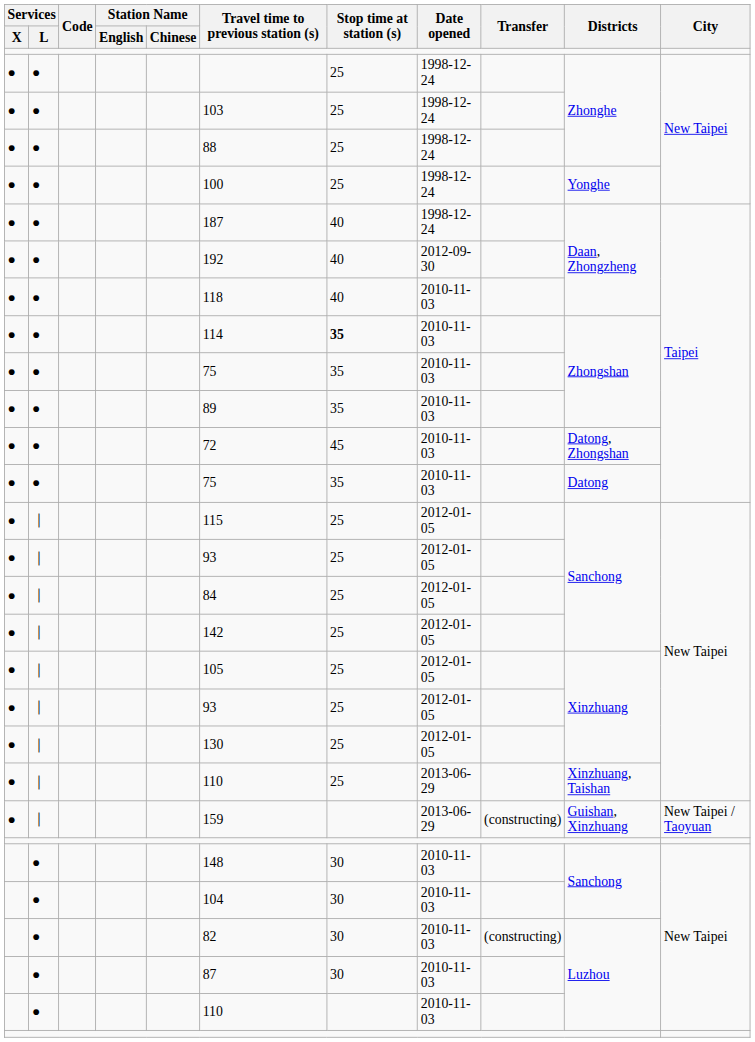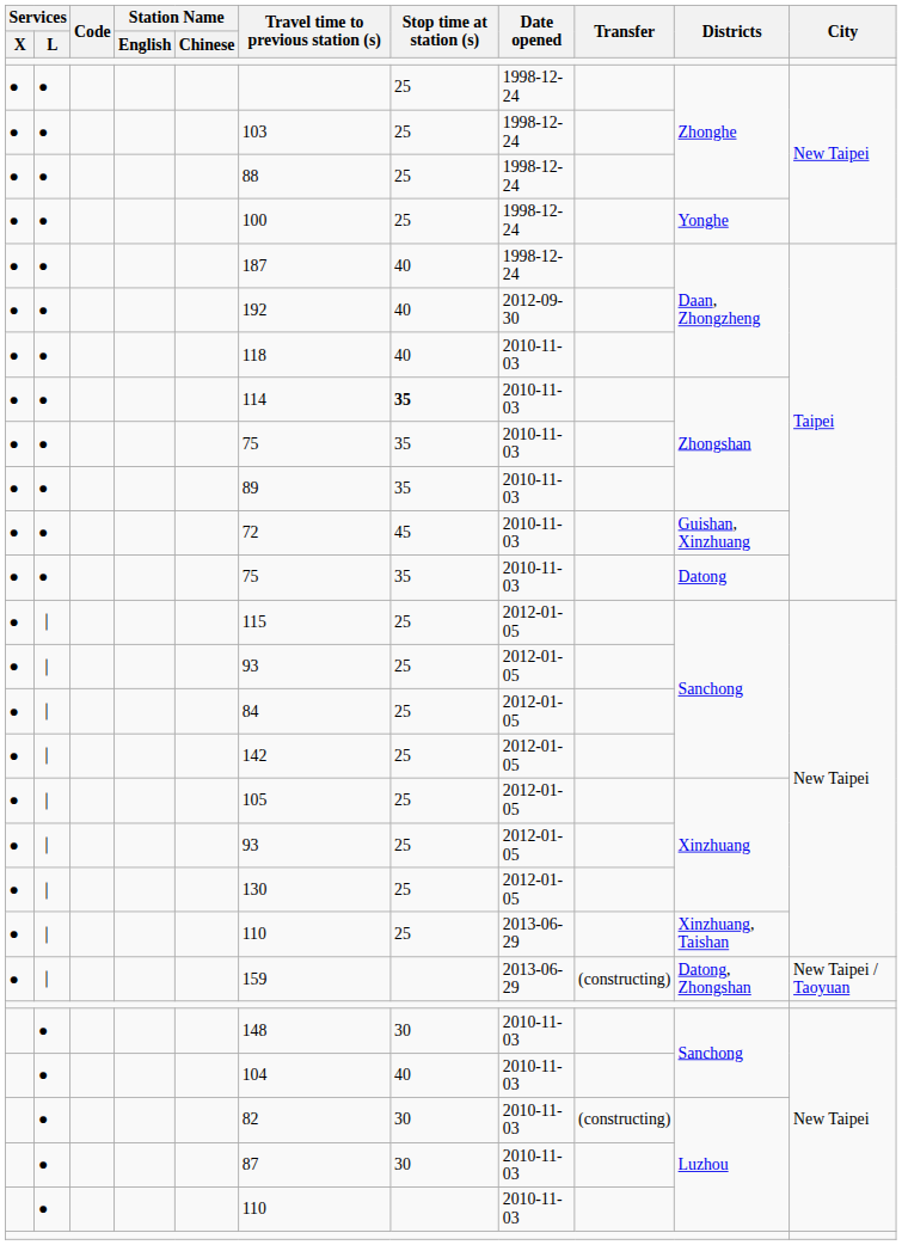 <table class="wikitable sortable">
 <tr>
 <th colspan="2">Services</th>
 <th rowspan="2">Code</th>
 <th colspan="2">Station Name</th>
 <th rowspan="2">Travel time to previous station (s)</th>
 <th rowspan="2">Stop time at station (s)</th>
 <th rowspan="2">Date opened</th>
 <th rowspan="2">Transfer</th>
 <th rowspan="2">Districts</th>
 <th rowspan="2">City</th>
 </tr>
 <tr>
 <th>X</th>
 <th>L</th>
 <th>English</th>
 <th>Chinese</th>
 </tr>
 <tr>
 <td colspan="10"></td>
 </tr>
 <tr>
 <td>●</td>
 <td>●</td>
 <td></td>
 <td></td>
 <td></td>
 <td></td>
 <td>25</td>
 <td>1998-12-24</td>
 <td></td>
 <td rowspan="3"><a href='#'>Zhonghe</a></td>
 <td rowspan="4"><a href='#'>New Taipei</a></td>
 </tr>
 <tr>
 <td>●</td>
 <td>●</td>
 <td></td>
 <td></td>
 <td></td>
 <td>103</td>
 <td>25</td>
 <td>1998-12-24</td>
 <td></td>
 </tr>
 <tr>
 <td>●</td>
 <td>●</td>
 <td></td>
 <td></td>
 <td></td>
 <td>88</td>
 <td>25</td>
 <td>1998-12-24</td>
 <td></td>
 </tr>
 <tr>
 <td>●</td>
 <td>●</td>
 <td></td>
 <td></td>
 <td></td>
 <td>100</td>
 <td>25</td>
 <td>1998-12-24</td>
 <td></td>
 <td><a href='#'>Yonghe</a></td>
 </tr>
 <tr>
 <td>●</td>
 <td>●</td>
 <td></td>
 <td></td>
 <td></td>
 <td>187</td>
 <td>40</td>
 <td>1998-12-24</td>
 <td></td>
 <td rowspan="3"><a href='#'>Daan</a>, <a href='#'>Zhongzheng</a></td>
 <td rowspan="8"><a href='#'>Taipei</a></td>
 </tr>
 <tr>
 <td>●</td>
 <td>●</td>
 <td></td>
 <td></td>
 <td></td>
 <td>192</td>
 <td>40</td>
 <td>2012-09-30</td>
 <td></td>
 </tr>
 <tr>
 <td>●</td>
 <td>●</td>
 <td></td>
 <td></td>
 <td></td>
 <td>118</td>
 <td>40</td>
 <td>2010-11-03</td>
 <td></td>
 </tr>
 <tr>
 <td>●</td>
 <td>●</td>
 <td></td>
 <td></td>
 <td></td>
 <td>114</td>
 <td><strong>35</strong></td>
 <td>2010-11-03</td>
 <td></td>
 <td rowspan="3"><a href='#'>Zhongshan</a></td>
 </tr>
 <tr>
 <td>●</td>
 <td>●</td>
 <td></td>
 <td></td>
 <td></td>
 <td>75</td>
 <td>35</td>
 <td>2010-11-03</td>
 <td></td>
 </tr>
 <tr>
 <td>●</td>
 <td>●</td>
 <td></td>
 <td></td>
 <td></td>
 <td>89</td>
 <td>35</td>
 <td>2010-11-03</td>
 <td></td>
 </tr>
 <tr>
 <td>●</td>
 <td>●</td>
 <td></td>
 <td></td>
 <td></td>
 <td>72</td>
 <td>45</td>
 <td>2010-11-03</td>
 <td></td>
-<td><a href='#'>Datong</a>, <a href='#'>Zhongshan</a></td>
+<td><a href='#'>Guishan</a>, <a href='#'>Xinzhuang</a></td>
 </tr>
 <tr>
 <td>●</td>
 <td>●</td>
 <td></td>
 <td></td>
 <td></td>
 <td>75</td>
 <td>35</td>
 <td>2010-11-03</td>
 <td></td>
 <td><a href='#'>Datong</a></td>
 </tr>
 <tr>
 <td>●</td>
 <td>｜</td>
 <td></td>
 <td></td>
 <td></td>
 <td>115</td>
 <td>25</td>
 <td>2012-01-05</td>
 <td></td>
 <td rowspan="4"><a href='#'>Sanchong</a></td>
 <td rowspan="8">New Taipei</td>
 </tr>
 <tr>
 <td>●</td>
 <td>｜</td>
 <td></td>
 <td></td>
 <td></td>
 <td>93</td>
 <td>25</td>
 <td>2012-01-05</td>
 <td></td>
 </tr>
 <tr>
 <td>●</td>
 <td>｜</td>
 <td></td>
 <td></td>
 <td></td>
 <td>84</td>
 <td>25</td>
 <td>2012-01-05</td>
 <td></td>
 </tr>
 <tr>
 <td>●</td>
 <td>｜</td>
 <td></td>
 <td></td>
 <td></td>
 <td>142</td>
 <td>25</td>
 <td>2012-01-05</td>
 <td></td>
 </tr>
 <tr>
 <td>●</td>
 <td>｜</td>
 <td></td>
 <td></td>
 <td></td>
 <td>105</td>
 <td>25</td>
 <td>2012-01-05</td>
 <td></td>
 <td rowspan="3"><a href='#'>Xinzhuang</a></td>
 </tr>
 <tr>
 <td>●</td>
 <td>｜</td>
 <td></td>
 <td></td>
 <td></td>
 <td>93</td>
 <td>25</td>
 <td>2012-01-05</td>
 <td></td>
 </tr>
 <tr>
 <td>●</td>
 <td>｜</td>
 <td></td>
 <td></td>
 <td></td>
 <td>130</td>
 <td>25</td>
 <td>2012-01-05</td>
 <td></td>
 </tr>
 <tr>
 <td>●</td>
 <td>｜</td>
 <td></td>
 <td></td>
 <td></td>
 <td>110</td>
 <td>25</td>
 <td>2013-06-29</td>
 <td></td>
 <td><a href='#'>Xinzhuang</a>, <a href='#'>Taishan</a></td>
 </tr>
 <tr>
 <td>●</td>
 <td>｜</td>
 <td></td>
 <td></td>
 <td></td>
 <td>159</td>
 <td></td>
 <td>2013-06-29</td>
 <td> (constructing)</td>
-<td><a href='#'>Guishan</a>, <a href='#'>Xinzhuang</a></td>
+<td><a href='#'>Datong</a>, <a href='#'>Zhongshan</a></td>
 <td>New Taipei / <a href='#'>Taoyuan</a></td>
 </tr>
 <tr>
 <td colspan="10"></td>
 </tr>
 <tr>
 <td></td>
 <td>●</td>
 <td></td>
 <td></td>
 <td></td>
 <td>148</td>
 <td>30</td>
 <td>2010-11-03</td>
 <td></td>
 <td rowspan="2"><a href='#'>Sanchong</a></td>
 <td rowspan="5">New Taipei</td>
 </tr>
 <tr>
 <td></td>
 <td>●</td>
 <td></td>
 <td></td>
 <td></td>
 <td>104</td>
-<td>30</td>
+<td>40</td>
 <td>2010-11-03</td>
 <td></td>
 </tr>
 <tr>
 <td></td>
 <td>●</td>
 <td></td>
 <td></td>
 <td></td>
 <td>82</td>
 <td>30</td>
 <td>2010-11-03</td>
 <td> (constructing)</td>
 <td rowspan="3"><a href='#'>Luzhou</a></td>
 </tr>
 <tr>
 <td></td>
 <td>●</td>
 <td></td>
 <td></td>
 <td></td>
 <td>87</td>
 <td>30</td>
 <td>2010-11-03</td>
 <td></td>
 </tr>
 <tr>
 <td></td>
 <td>●</td>
 <td></td>
 <td></td>
 <td></td>
 <td>110</td>
 <td></td>
 <td>2010-11-03</td>
 <td></td>
 </tr>
 <tr>
 <td colspan="10"></td>
 </tr>
 </table>
